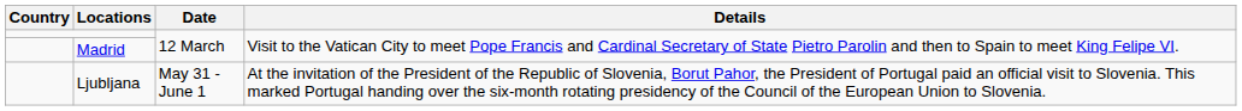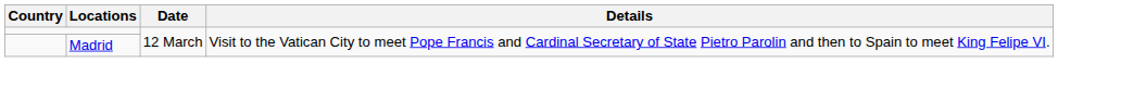 <table class="wikitable">
 <tr>
 <th>Country</th>
 <th>Locations</th>
 <th>Date</th>
 <th>Details</th>
 </tr>
 <tr>
 <td colspan="2"></td>
 <td rowspan=2>12 March</td>
 <td rowspan=2>Visit to the Vatican City to meet <a href='#'>Pope Francis</a> and <a href='#'>Cardinal Secretary of State</a> <a href='#'>Pietro Parolin</a> and then to Spain to meet <a href='#'>King Felipe VI</a>.</td>
 </tr>
 <tr>
 <td></td>
 <td><a href='#'>Madrid</a></td>
 </tr>
-<tr>
-<td></td>
-<td>Ljubljana</td>
-<td>May 31 - June 1</td>
-<td>At the invitation of the President of the Republic of Slovenia, <a href='#'>Borut Pahor</a>, the President of Portugal paid an official visit to Slovenia. This marked Portugal handing over the six-month rotating presidency of the Council of the European Union to Slovenia.</td>
-</tr>
 </table>
